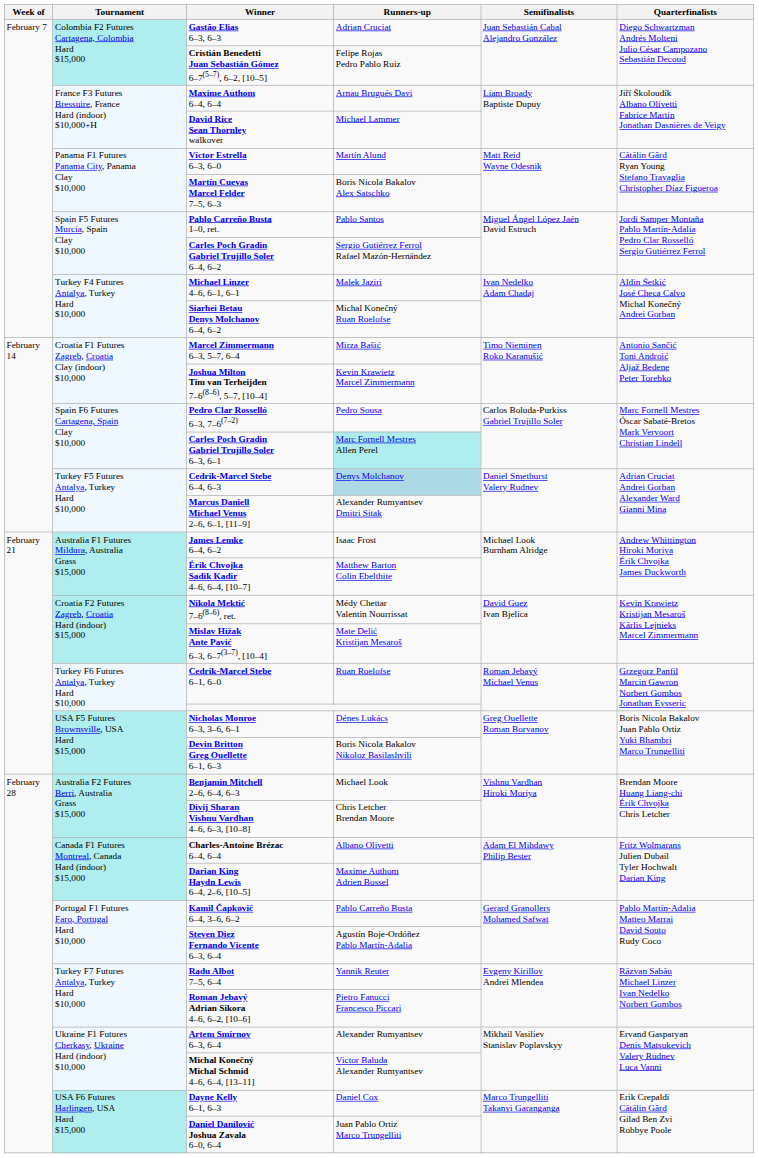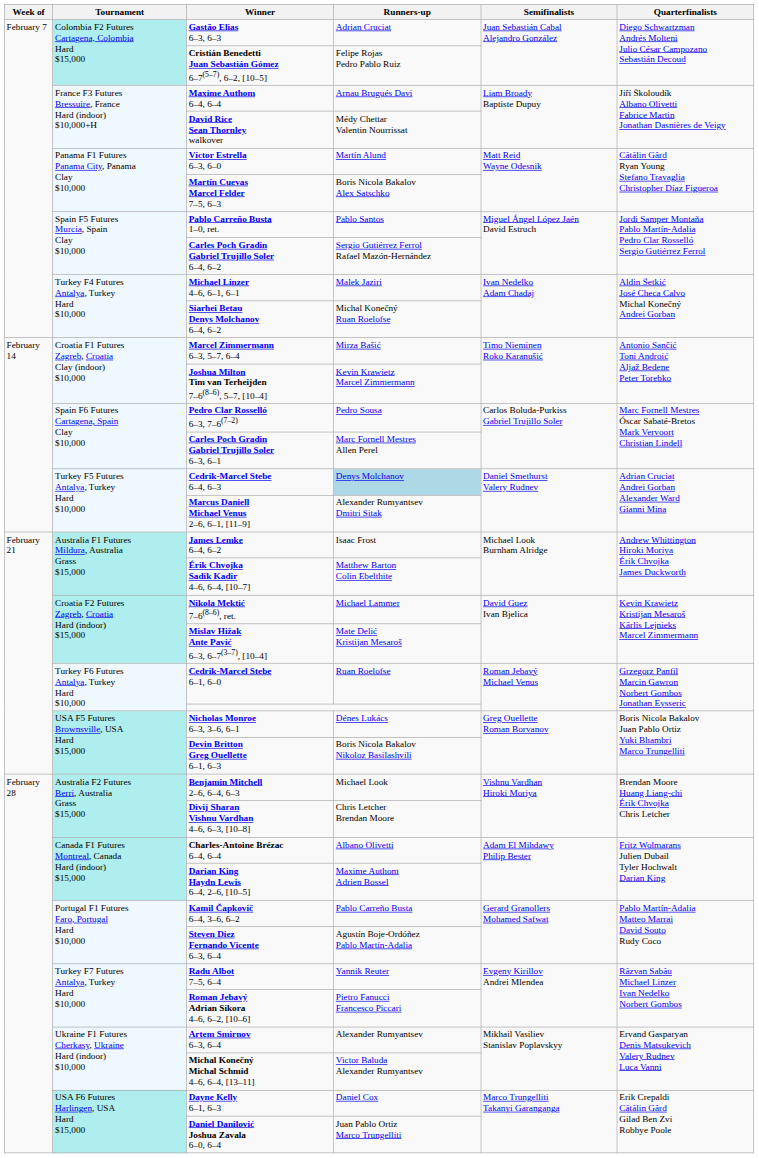 <table class="wikitable" style="font-size:85%;">
 <tr>
 <th width="65">Week of</th>
 <th width="190">Tournament</th>
 <th width="210">Winner</th>
 <th width="210">Runners-up</th>
 <th width="194">Semifinalists</th>
 <th width="194">Quarterfinalists</th>
 </tr>
 <tr valign=top>
 <td rowspan=10>February 7</td>
 <td rowspan=2 style="background:#afeeee;">Colombia F2 Futures<br> <a href='#'>Cartagena, Colombia</a> <br> Hard <br> $15,000</td>
 <td colspan=1> <strong><a href='#'>Gastão Elias</a></strong> <br> 6–3, 6–3</td>
 <td> <a href='#'>Adrian Cruciat</a></td>
 <td rowspan=2> <a href='#'>Juan Sebastián Cabal</a> <br>  <a href='#'>Alejandro González</a></td>
 <td rowspan=2> <a href='#'>Diego Schwartzman</a> <br>  <a href='#'>Andrés Molteni</a> <br>  <a href='#'>Julio César Campozano</a> <br>  <a href='#'>Sebastián Decoud</a></td>
 </tr>
 <tr valign=top>
 <td> <strong>Cristián Benedetti</strong> <br>  <strong><a href='#'>Juan Sebastián Gómez</a></strong> <br> 6–7<sup>(5–7)</sup>, 6–2, [10–5]</td>
 <td> Felipe Rojas <br>  Pedro Pablo Ruiz</td>
 </tr>
 <tr valign=top>
 <td rowspan=2 style="background:#f0f8ff;">France F3 Futures<br> <a href='#'>Bressuire</a>, France <br> Hard (indoor)<br> $10,000+H</td>
 <td> <strong><a href='#'>Maxime Authom</a></strong><br>6–4, 6–4</td>
 <td> <a href='#'>Arnau Brugués Davi</a></td>
 <td rowspan=2> <a href='#'>Liam Broady</a><br>  Baptiste Dupuy</td>
 <td rowspan=2> Jiří Školoudík <br>  <a href='#'>Albano Olivetti</a> <br>  <a href='#'>Fabrice Martin</a> <br>  <a href='#'>Jonathan Dasnières de Veigy</a></td>
 </tr>
 <tr valign=top>
 <td> <strong><a href='#'>David Rice</a></strong> <br>  <strong><a href='#'>Sean Thornley</a></strong> <br> walkover</td>
-<td> <a href='#'>Michael Lammer</a></td>
+<td> Médy Chettar <br>  Valentin Nourrissat</td>
 </tr>
 <tr valign=top>
 <td rowspan=2 style="background:#f0f8ff;">Panama F1 Futures<br> <a href='#'>Panama City</a>, Panama <br> Clay <br> $10,000</td>
 <td colspan=1> <strong><a href='#'>Víctor Estrella</a></strong> <br> 6–3, 6–0</td>
 <td> <a href='#'>Martín Alund</a></td>
 <td rowspan=2> <a href='#'>Matt Reid</a><br>  <a href='#'>Wayne Odesnik</a></td>
 <td rowspan=2> <a href='#'>Cătălin Gârd</a> <br>  Ryan Young <br>  <a href='#'>Stefano Travaglia</a> <br>  <a href='#'>Christopher Díaz Figueroa</a></td>
 </tr>
 <tr valign=top>
 <td> <strong><a href='#'>Martín Cuevas</a></strong> <br>  <strong><a href='#'>Marcel Felder</a></strong> <br> 7–5, 6–3</td>
 <td> Boris Nicola Bakalov <br>  <a href='#'>Alex Satschko</a></td>
 </tr>
 <tr valign=top>
 <td rowspan=2 style="background:#f0f8ff;">Spain F5 Futures<br> <a href='#'>Murcia</a>, Spain <br> Clay <br> $10,000</td>
 <td> <strong><a href='#'>Pablo Carreño Busta</a></strong><br>1–0, ret.</td>
 <td> <a href='#'>Pablo Santos</a></td>
 <td rowspan=2> <a href='#'>Miguel Ángel López Jaén</a><br>  David Estruch</td>
 <td rowspan=2> <a href='#'>Jordi Samper Montaña</a> <br>  <a href='#'>Pablo Martín-Adalia</a> <br>  <a href='#'>Pedro Clar Rosselló</a> <br>  <a href='#'>Sergio Gutiérrez Ferrol</a></td>
 </tr>
 <tr valign=top>
 <td> <strong><a href='#'>Carles Poch Gradin</a></strong> <br>  <strong><a href='#'>Gabriel Trujillo Soler</a></strong> <br> 6–4, 6–2</td>
 <td> <a href='#'>Sergio Gutiérrez Ferrol</a> <br>  Rafael Mazón-Hernández</td>
 </tr>
 <tr valign=top>
 <td rowspan=2 style="background:#f0f8ff;">Turkey F4 Futures<br> <a href='#'>Antalya</a>, Turkey <br> Hard <br> $10,000</td>
 <td colspan=1> <strong><a href='#'>Michael Linzer</a></strong> <br> 4–6, 6–1, 6–1</td>
 <td> <a href='#'>Malek Jaziri</a></td>
 <td rowspan=2> <a href='#'>Ivan Nedelko</a> <br>  <a href='#'>Adam Chadaj</a></td>
 <td rowspan=2> <a href='#'>Aldin Šetkić</a> <br>  <a href='#'>José Checa Calvo</a> <br>  Michal Konečný <br>  <a href='#'>Andrei Gorban</a></td>
 </tr>
 <tr valign=top>
 <td> <strong><a href='#'>Siarhei Betau</a></strong> <br>  <strong><a href='#'>Denys Molchanov</a></strong> <br> 6–4, 6–2</td>
 <td> Michal Konečný <br>  <a href='#'>Ruan Roelofse</a></td>
 </tr>
 <tr valign=top>
 <td rowspan=6>February 14</td>
 <td rowspan=2 style="background:#f0f8ff;">Croatia F1 Futures<br> <a href='#'>Zagreb</a>, <a href='#'>Croatia</a> <br> Clay (indoor) <br> $10,000</td>
 <td colspan=1> <strong><a href='#'>Marcel Zimmermann</a></strong> <br> 6–3, 5–7, 6–4</td>
 <td> <a href='#'>Mirza Bašić</a></td>
 <td rowspan=2> <a href='#'>Timo Nieminen</a> <br>  <a href='#'>Roko Karanušić</a></td>
 <td rowspan=2> <a href='#'>Antonio Sančić</a> <br>  <a href='#'>Toni Androić</a> <br>  <a href='#'>Aljaž Bedene</a> <br>  <a href='#'>Peter Torebko</a></td>
 </tr>
 <tr valign=top>
 <td> <strong><a href='#'>Joshua Milton</a></strong> <br>  <strong>Tim van Terheijden</strong> <br> 7–6<sup>(8–6)</sup>, 5–7, [10–4]</td>
 <td> <a href='#'>Kevin Krawietz</a> <br>  <a href='#'>Marcel Zimmermann</a></td>
 </tr>
 <tr valign=top>
 <td rowspan=2 style="background:#f0f8ff;">Spain F6 Futures<br>  <a href='#'>Cartagena, Spain</a> <br> Clay <br> $10,000</td>
 <td colspan=1> <strong><a href='#'>Pedro Clar Rosselló</a></strong> <br> 6–3, 7–6<sup>(7–2)</sup></td>
 <td> <a href='#'>Pedro Sousa</a></td>
 <td rowspan=2> Carlos Boluda-Purkiss <br>  <a href='#'>Gabriel Trujillo Soler</a></td>
 <td rowspan=2> <a href='#'>Marc Fornell Mestres</a> <br>  Óscar Sabaté-Bretos <br>  <a href='#'>Mark Vervoort</a> <br>  <a href='#'>Christian Lindell</a></td>
 </tr>
 <tr valign=top>
 <td> <strong><a href='#'>Carles Poch Gradin</a></strong> <br>  <strong><a href='#'>Gabriel Trujillo Soler</a></strong> <br> 6–3, 6–1</td>
-<td style="background: paleturquoise;"> <a href='#'>Marc Fornell Mestres</a> <br>  Allen Perel</td>
+<td> <a href='#'>Marc Fornell Mestres</a> <br>  Allen Perel</td>
 </tr>
 <tr valign=top>
 <td rowspan=2 style="background:#f0f8ff;">Turkey F5 Futures<br> <a href='#'>Antalya</a>, Turkey <br> Hard <br> $10,000</td>
 <td colspan=1> <strong><a href='#'>Cedrik-Marcel Stebe</a></strong> <br> 6–4, 6–3</td>
 <td style="background: lightblue;"> <a href='#'>Denys Molchanov</a></td>
 <td rowspan=2> <a href='#'>Daniel Smethurst</a> <br>  <a href='#'>Valery Rudnev</a></td>
 <td rowspan=2> <a href='#'>Adrian Cruciat</a> <br>  <a href='#'>Andrei Gorban</a> <br>  <a href='#'>Alexander Ward</a> <br>  <a href='#'>Gianni Mina</a></td>
 </tr>
 <tr valign=top>
 <td> <strong><a href='#'>Marcus Daniell</a></strong> <br>  <strong><a href='#'>Michael Venus</a></strong> <br> 2–6, 6–1, [11–9]</td>
 <td> Alexander Rumyantsev <br>  <a href='#'>Dmitri Sitak</a></td>
 </tr>
 <tr valign=top>
 <td rowspan=8>February 21</td>
 <td rowspan=2 style="background:#afeeee;">Australia F1 Futures<br> <a href='#'>Mildura</a>, Australia <br> Grass <br> $15,000</td>
 <td colspan=1> <strong><a href='#'>James Lemke</a></strong> <br> 6–4, 6–2</td>
 <td> Isaac Frost</td>
 <td rowspan=2> Michael Look <br>  Burnham Alridge</td>
 <td rowspan=2> <a href='#'>Andrew Whittington</a> <br>  <a href='#'>Hiroki Moriya</a> <br>  <a href='#'>Érik Chvojka</a> <br>  <a href='#'>James Duckworth</a></td>
 </tr>
 <tr valign=top>
 <td> <strong><a href='#'>Érik Chvojka</a></strong> <br>  <strong><a href='#'>Sadik Kadir</a></strong> <br> 4–6, 6–4, [10–7]</td>
 <td> <a href='#'>Matthew Barton</a> <br>  <a href='#'>Colin Ebelthite</a></td>
 </tr>
 <tr valign=top>
 <td rowspan=2 style="background:#afeeee;">Croatia F2 Futures<br>  <a href='#'>Zagreb</a>, <a href='#'>Croatia</a> <br> Hard (indoor) <br> $15,000</td>
 <td colspan=1> <strong><a href='#'>Nikola Mektić</a></strong> <br> 7–6<sup>(8–6)</sup>, ret.</td>
-<td> Médy Chettar <br>  Valentin Nourrissat</td>
+<td> <a href='#'>Michael Lammer</a></td>
 <td rowspan=2> <a href='#'>David Guez</a> <br>  Ivan Bjelica</td>
 <td rowspan=2> <a href='#'>Kevin Krawietz</a> <br>  <a href='#'>Kristijan Mesaroš</a> <br>  <a href='#'>Kārlis Lejnieks</a> <br>  <a href='#'>Marcel Zimmermann</a></td>
 </tr>
 <tr valign=top>
 <td> <strong><a href='#'>Mislav Hižak</a></strong> <br>  <strong><a href='#'>Ante Pavić</a></strong> <br> 6–3, 6–7<sup>(3–7)</sup>, [10–4]</td>
 <td> <a href='#'>Mate Delić</a> <br>  <a href='#'>Kristijan Mesaroš</a></td>
 </tr>
 <tr valign=top>
 <td rowspan=2 style="background:#f0f8ff;">Turkey F6 Futures<br> <a href='#'>Antalya</a>, Turkey <br> Hard <br> $10,000</td>
 <td colspan=1> <strong><a href='#'>Cedrik-Marcel Stebe</a></strong> <br> 6–1, 6–0</td>
 <td> <a href='#'>Ruan Roelofse</a></td>
 <td rowspan=2> <a href='#'>Roman Jebavý</a> <br>  <a href='#'>Michael Venus</a></td>
 <td rowspan=2> <a href='#'>Grzegorz Panfil</a> <br>  <a href='#'>Marcin Gawron</a> <br>  <a href='#'>Norbert Gombos</a> <br>  <a href='#'>Jonathan Eysseric</a></td>
 </tr>
 <tr valign=top>
 <td colspan=2></td>
 </tr>
 <tr valign=top>
 <td rowspan=2 style="background:#afeeee;">USA F5 Futures<br> <a href='#'>Brownsville</a>, USA <br> Hard <br> $15,000</td>
 <td colspan=1> <strong><a href='#'>Nicholas Monroe</a></strong> <br> 6–3, 3–6, 6–1</td>
 <td> <a href='#'>Dénes Lukács</a></td>
 <td rowspan=2> <a href='#'>Greg Ouellette</a> <br>  <a href='#'>Roman Borvanov</a></td>
 <td rowspan=2> Boris Nicola Bakalov <br>  Juan Pablo Ortiz <br>  <a href='#'>Yuki Bhambri</a> <br>  <a href='#'>Marco Trungelliti</a></td>
 </tr>
 <tr valign=top>
 <td> <strong><a href='#'>Devin Britton</a></strong> <br>  <strong><a href='#'>Greg Ouellette</a></strong> <br> 6–1, 6–3</td>
 <td> Boris Nicola Bakalov <br>  <a href='#'>Nikoloz Basilashvili</a></td>
 </tr>
 <tr valign=top>
 <td rowspan=12>February 28</td>
 <td rowspan=2 style="background:#afeeee;">Australia F2 Futures<br> <a href='#'>Berri</a>, Australia <br> Grass <br> $15,000</td>
 <td colspan=1> <strong><a href='#'>Benjamin Mitchell</a></strong> <br> 2–6, 6–4, 6–3</td>
 <td> Michael Look</td>
 <td rowspan=2> <a href='#'>Vishnu Vardhan</a> <br>  <a href='#'>Hiroki Moriya</a></td>
 <td rowspan=2> Brendan Moore <br>  <a href='#'>Huang Liang-chi</a> <br>  <a href='#'>Érik Chvojka</a> <br>  Chris Letcher</td>
 </tr>
 <tr valign=top>
 <td> <strong><a href='#'>Divij Sharan</a></strong> <br>  <strong><a href='#'>Vishnu Vardhan</a></strong> <br> 4–6, 6–3, [10–8]</td>
 <td> Chris Letcher <br>  Brendan Moore</td>
 </tr>
 <tr valign=top>
 <td rowspan=2 style="background:#afeeee;">Canada F1 Futures<br> <a href='#'>Montreal</a>, Canada <br> Hard (indoor) <br> $15,000</td>
 <td colspan=1> <strong>Charles-Antoine Brézac</strong> <br> 6–4, 6–4</td>
 <td> <a href='#'>Albano Olivetti</a></td>
 <td rowspan=2> <a href='#'>Adam El Mihdawy</a> <br>  <a href='#'>Philip Bester</a></td>
 <td rowspan=2> <a href='#'>Fritz Wolmarans</a> <br>  Julien Dubail <br>  Tyler Hochwalt <br>  <a href='#'>Darian King</a></td>
 </tr>
 <tr valign=top>
 <td> <strong><a href='#'>Darian King</a></strong> <br>  <strong><a href='#'>Haydn Lewis</a></strong> <br> 6–4, 2–6, [10–5]</td>
 <td> <a href='#'>Maxime Authom</a> <br>  <a href='#'>Adrien Bossel</a></td>
 </tr>
 <tr valign=top>
 <td rowspan=2 style="background:#f0f8ff;">Portugal F1 Futures<br> <a href='#'>Faro, Portugal</a> <br> Hard <br> $10,000</td>
 <td colspan=1> <strong><a href='#'>Kamil Čapkovič</a></strong> <br> 6–4, 3–6, 6–2</td>
 <td> <a href='#'>Pablo Carreño Busta</a></td>
 <td rowspan=2> <a href='#'>Gerard Granollers</a>  <br>  <a href='#'>Mohamed Safwat</a></td>
 <td rowspan=2> <a href='#'>Pablo Martín-Adalia</a> <br>  <a href='#'>Matteo Marrai</a> <br>  <a href='#'>David Souto</a> <br>  Rudy Coco</td>
 </tr>
 <tr valign=top>
 <td> <strong><a href='#'>Steven Diez</a></strong> <br>  <strong><a href='#'>Fernando Vicente</a></strong> <br> 6–3, 6–4</td>
 <td> Agustín Boje-Ordóñez <br>  <a href='#'>Pablo Martín-Adalia</a></td>
 </tr>
 <tr valign=top>
 <td rowspan=2 style="background:#f0f8ff;">Turkey F7 Futures<br> <a href='#'>Antalya</a>, Turkey <br> Hard <br> $10,000</td>
 <td colspan=1> <strong><a href='#'>Radu Albot</a></strong> <br> 7–5, 6–4</td>
 <td> <a href='#'>Yannik Reuter</a></td>
 <td rowspan=2> <a href='#'>Evgeny Kirillov</a>  <br>  Andrei Mlendea</td>
 <td rowspan=2> <a href='#'>Răzvan Sabău</a> <br>  <a href='#'>Michael Linzer</a> <br>  <a href='#'>Ivan Nedelko</a> <br>  <a href='#'>Norbert Gombos</a></td>
 </tr>
 <tr valign=top>
 <td> <strong><a href='#'>Roman Jebavý</a></strong> <br>  <strong>Adrian Sikora</strong> <br> 4–6, 6–2, [10–6]</td>
 <td> <a href='#'>Pietro Fanucci</a> <br>  <a href='#'>Francesco Piccari</a></td>
 </tr>
 <tr valign=top>
 <td rowspan=2 style="background:#f0f8ff;">Ukraine F1 Futures<br> <a href='#'>Cherkasy</a>, <a href='#'>Ukraine</a> <br> Hard (indoor) <br> $10,000</td>
 <td colspan=1> <strong><a href='#'>Artem Smirnov</a></strong> <br> 6–3, 6–4</td>
 <td> Alexander Rumyantsev</td>
 <td rowspan=2> Mikhail Vasiliev <br>   Stanislav Poplavskyy</td>
 <td rowspan=2> Ervand Gasparyan <br>  <a href='#'>Denis Matsukevich</a> <br>  <a href='#'>Valery Rudnev</a> <br>  <a href='#'>Luca Vanni</a></td>
 </tr>
 <tr valign=top>
 <td> <strong>Michal Konečný</strong> <br>  <strong>Michal Schmid</strong> <br> 4–6, 6–4, [13–11]</td>
 <td> <a href='#'>Victor Baluda</a> <br>  Alexander Rumyantsev</td>
 </tr>
 <tr valign=top>
 <td rowspan=2 style="background:#afeeee;">USA F6 Futures<br> <a href='#'>Harlingen</a>, USA <br> Hard <br> $15,000</td>
 <td colspan=1> <strong><a href='#'>Dayne Kelly</a></strong> <br> 6–1, 6–3</td>
 <td> <a href='#'>Daniel Cox</a></td>
 <td rowspan=2> <a href='#'>Marco Trungelliti</a> <br>  <a href='#'>Takanyi Garanganga</a></td>
 <td rowspan=2> Erik Crepaldi <br>  <a href='#'>Cătălin Gârd</a> <br>  Gilad Ben Zvi <br>  Robbye Poole</td>
 </tr>
 <tr valign=top>
 <td> <strong><a href='#'>Daniel Danilović</a></strong> <br>  <strong>Joshua Zavala</strong> <br> 6–0, 6–4</td>
 <td> Juan Pablo Ortiz <br>  <a href='#'>Marco Trungelliti</a></td>
 </tr>
 </table>
